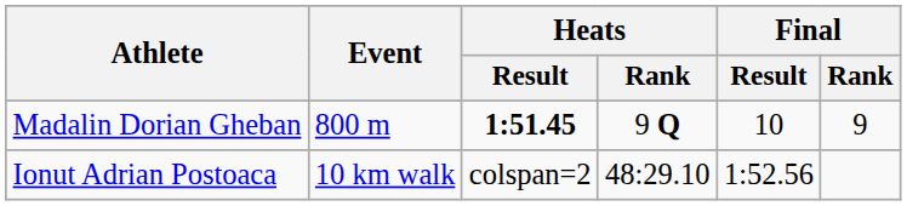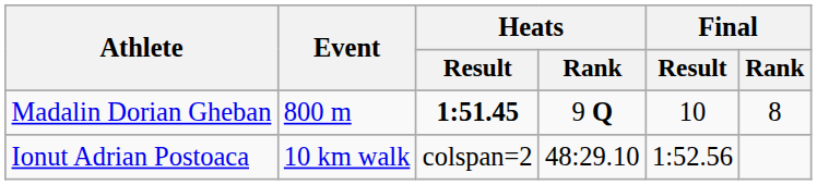 <table class="wikitable" style="font-size:90%">
 <tr>
 <th rowspan=2>Athlete</th>
 <th rowspan=2>Event</th>
 <th colspan=2>Heats</th>
 <th colspan=2>Final</th>
 </tr>
 <tr style="font-size:95%">
 <th>Result</th>
 <th>Rank</th>
 <th>Result</th>
 <th>Rank</th>
 </tr>
 <tr align=center>
 <td align=left><a href='#'>Madalin Dorian Gheban</a></td>
 <td align=left><a href='#'>800 m</a></td>
 <td><strong>1:51.45</strong></td>
 <td>9 <strong>Q</strong></td>
 <td>10</td>
-<td>9</td>
+<td>8</td>
 </tr>
 <tr align=center>
 <td align=left><a href='#'>Ionut Adrian Postoaca</a></td>
 <td align=left><a href='#'>10 km walk</a></td>
 <td>colspan=2 </td>
 <td>48:29.10</td>
 <td>1:52.56</td>
 </tr>
 </table>
